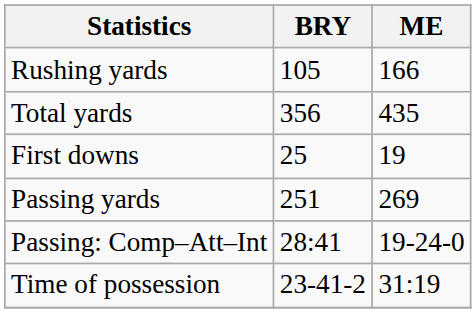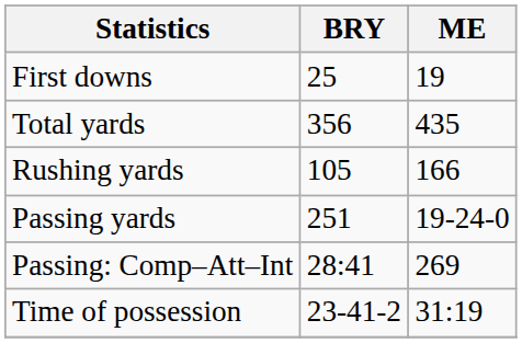 <table class="wikitable" style="float: left;">
 <tr>
 <th>Statistics</th>
 <th>BRY</th>
 <th>ME</th>
 </tr>
 <tr>
-<td>Rushing yards</td>
-<td>105</td>
-<td>166</td>
+<td>First downs</td>
+<td>25</td>
+<td>19</td>
 </tr>
 <tr>
 <td>Total yards</td>
 <td>356</td>
 <td>435</td>
 </tr>
 <tr>
-<td>First downs</td>
-<td>25</td>
-<td>19</td>
+<td>Rushing yards</td>
+<td>105</td>
+<td>166</td>
 </tr>
 <tr>
 <td>Passing yards</td>
 <td>251</td>
-<td>269</td>
+<td>19-24-0</td>
 </tr>
 <tr>
 <td>Passing: Comp–Att–Int</td>
 <td>28:41</td>
-<td>19-24-0</td>
+<td>269</td>
 </tr>
 <tr>
 <td>Time of possession</td>
 <td>23-41-2</td>
 <td>31:19</td>
 </tr>
 <tr>
 </tr>
 </table>
